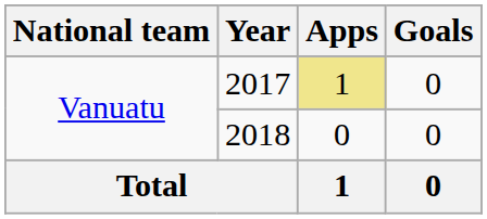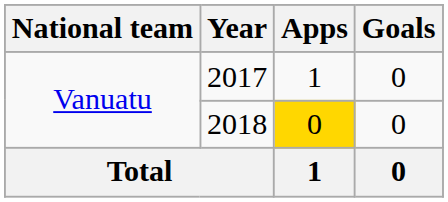 <table class="wikitable" style="text-align:center">
 <tr>
 <th>National team</th>
 <th>Year</th>
 <th>Apps</th>
 <th>Goals</th>
 </tr>
 <tr>
 <td rowspan="2"><a href='#'>Vanuatu</a></td>
 <td>2017</td>
-<td style="background: khaki;">1</td>
+<td>1</td>
 <td>0</td>
 </tr>
 <tr>
 <td>2018</td>
-<td>0</td>
+<td style="background: gold;">0</td>
 <td>0</td>
 </tr>
 <tr>
 <th colspan=2>Total</th>
 <th>1</th>
 <th>0</th>
 </tr>
 </table>
